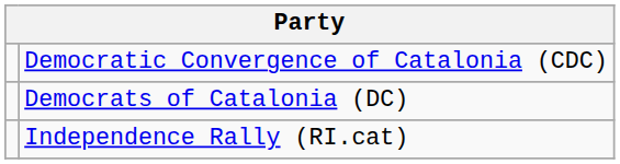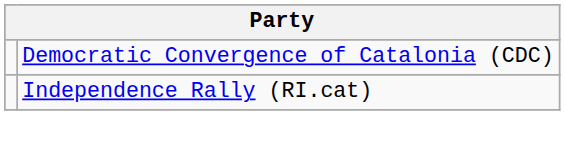 <table class="wikitable" style="text-align:left; font-size:95%;">
 <tr>
 <th colspan="2">Party</th>
 </tr>
 <tr>
 <td width="1"></td>
 <td><a href='#'>Democratic Convergence of Catalonia</a> (CDC)</td>
 </tr>
 <tr>
 <td></td>
-<td><a href='#'>Democrats of Catalonia</a> (DC)</td>
-</tr>
-<tr>
-<td></td>
 <td><a href='#'>Independence Rally</a> (RI.cat)</td>
 </tr>
 </table>
